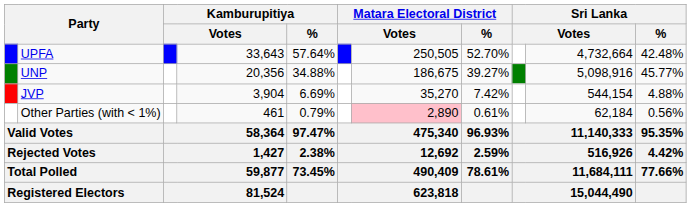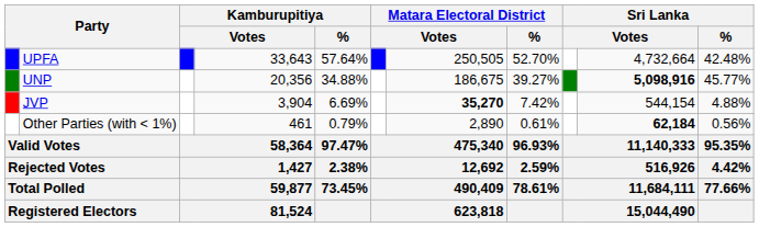 <table class="wikitable">
 <tr>
 <th colspan="2" width="144px"rowspan="2">Party</th>
 <th colspan="3" width="216px">Kamburupitiya</th>
 <th colspan="3" width="216px"><a href='#'>Matara Electoral District</a></th>
 <th colspan="3" width="216px">Sri Lanka</th>
 </tr>
 <tr>
 <th colspan="2" width="144px">Votes</th>
 <th>%</th>
 <th colspan="2" width="144px">Votes</th>
 <th>%</th>
 <th colspan="2" width="144px">Votes</th>
 <th>%</th>
 </tr>
 <tr>
 <td style="background-color:blue;" width="10px"></td>
 <td style="text-align:left;"><a href='#'>UPFA</a></td>
 <td style="background-color:blue;" width="10px"></td>
 <td style="text-align:right;">33,643</td>
 <td style="text-align:right;">57.64%</td>
 <td style="background-color:blue;" width="10px"></td>
 <td style="text-align:right;">250,505</td>
 <td style="text-align:right;">52.70%</td>
 <td style="background-color:white;" width="10px"></td>
 <td style="text-align:right;">4,732,664</td>
 <td style="text-align:right;">42.48%</td>
 </tr>
 <tr>
 <td style="background-color:green;" width="10px"></td>
 <td style="text-align:left;"><a href='#'>UNP</a></td>
 <td style="background-color:white;" width="10px"></td>
 <td style="text-align:right;">20,356</td>
 <td style="text-align:right;">34.88%</td>
 <td style="background-color:white;" width="10px"></td>
 <td style="text-align:right;">186,675</td>
 <td style="text-align:right;">39.27%</td>
 <td style="background-color:green;" width="10px"></td>
-<td style="text-align:right;">5,098,916</td>
+<td style="text-align:right;"><strong>5,098,916</strong></td>
 <td style="text-align:right;">45.77%</td>
 </tr>
 <tr>
 <td style="background-color:red;" width="10px"></td>
 <td style="text-align:left;"><a href='#'>JVP</a></td>
 <td style="background-color:white;" width="10px"></td>
 <td style="text-align:right;">3,904</td>
 <td style="text-align:right;">6.69%</td>
 <td style="background-color:white;" width="10px"></td>
-<td style="text-align:right;">35,270</td>
+<td style="text-align:right;"><strong>35,270</strong></td>
 <td style="text-align:right;">7.42%</td>
 <td style="background-color:white;" width="10px"></td>
 <td style="text-align:right;">544,154</td>
 <td style="text-align:right;">4.88%</td>
 </tr>
 <tr>
 <td style="background-color:white;" width="10px"></td>
 <td style="text-align:left;">Other Parties (with < 1%)</td>
 <td style="background-color:white;" width="10px"></td>
 <td style="text-align:right;">461</td>
 <td style="text-align:right;">0.79%</td>
 <td style="background-color:white;" width="10px"></td>
-<td style="background: pink; text-align:right;">2,890</td>
+<td style="text-align:right;">2,890</td>
 <td style="text-align:right;">0.61%</td>
 <td style="background-color:white;" width="10px"></td>
-<td style="text-align:right;">62,184</td>
+<td style="text-align:right;"><strong>62,184</strong></td>
 <td style="text-align:right;">0.56%</td>
 </tr>
 <tr>
 <th colspan="2" width="144px"style="text-align:left;">Valid Votes</th>
 <th style="text-align:right;"colspan="2" width="144px">58,364</th>
 <th style="text-align:right;">97.47%</th>
 <th style="text-align:right;"colspan="2" width="144px">475,340</th>
 <th style="text-align:right;">96.93%</th>
 <th style="text-align:right;"colspan="2" width="144px">11,140,333</th>
 <th style="text-align:right;">95.35%</th>
 </tr>
 <tr>
 <th colspan="2" width="144px"style="text-align:left;">Rejected Votes</th>
 <th style="text-align:right;"colspan="2" width="144px">1,427</th>
 <th style="text-align:right;">2.38%</th>
 <th style="text-align:right;"colspan="2" width="144px">12,692</th>
 <th style="text-align:right;">2.59%</th>
 <th style="text-align:right;"colspan="2" width="144px">516,926</th>
 <th style="text-align:right;">4.42%</th>
 </tr>
 <tr>
 <th colspan="2" width="144px"style="text-align:left;">Total Polled</th>
 <th style="text-align:right;"colspan="2" width="144px">59,877</th>
 <th style="text-align:right;">73.45%</th>
 <th style="text-align:right;"colspan="2" width="144px">490,409</th>
 <th style="text-align:right;">78.61%</th>
 <th style="text-align:right;"colspan="2" width="144px">11,684,111</th>
 <th style="text-align:right;">77.66%</th>
 </tr>
 <tr>
 <th colspan="2" width="144px"style="text-align:left;">Registered Electors</th>
 <th style="text-align:right;"colspan="2" width="144px">81,524</th>
 <th></th>
 <th style="text-align:right;"colspan="2" width="144px">623,818</th>
 <th></th>
 <th style="text-align:right;"colspan="2" width="144px">15,044,490</th>
 <th></th>
 </tr>
 </table>
